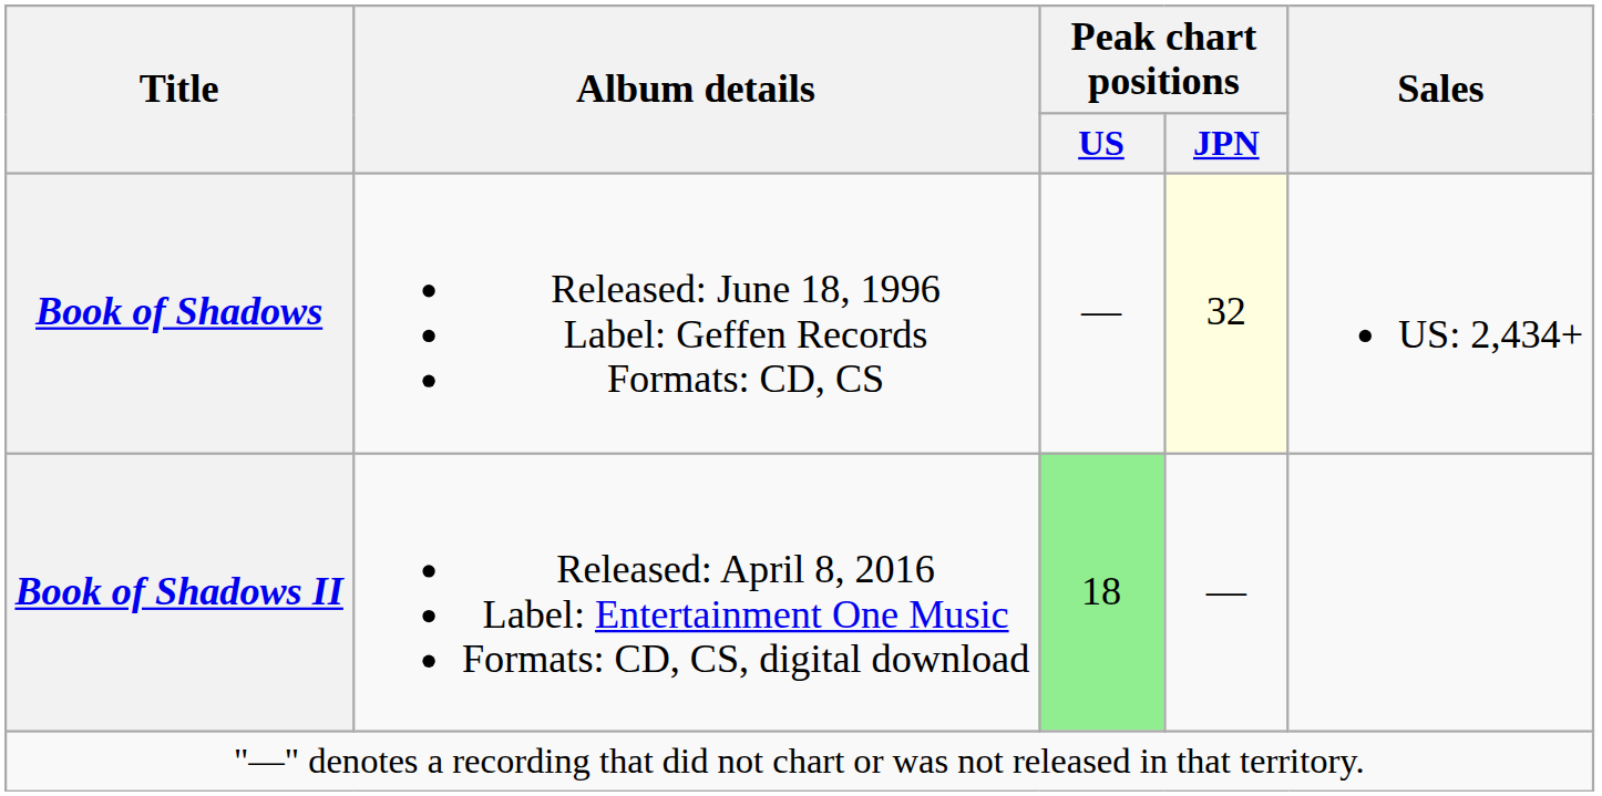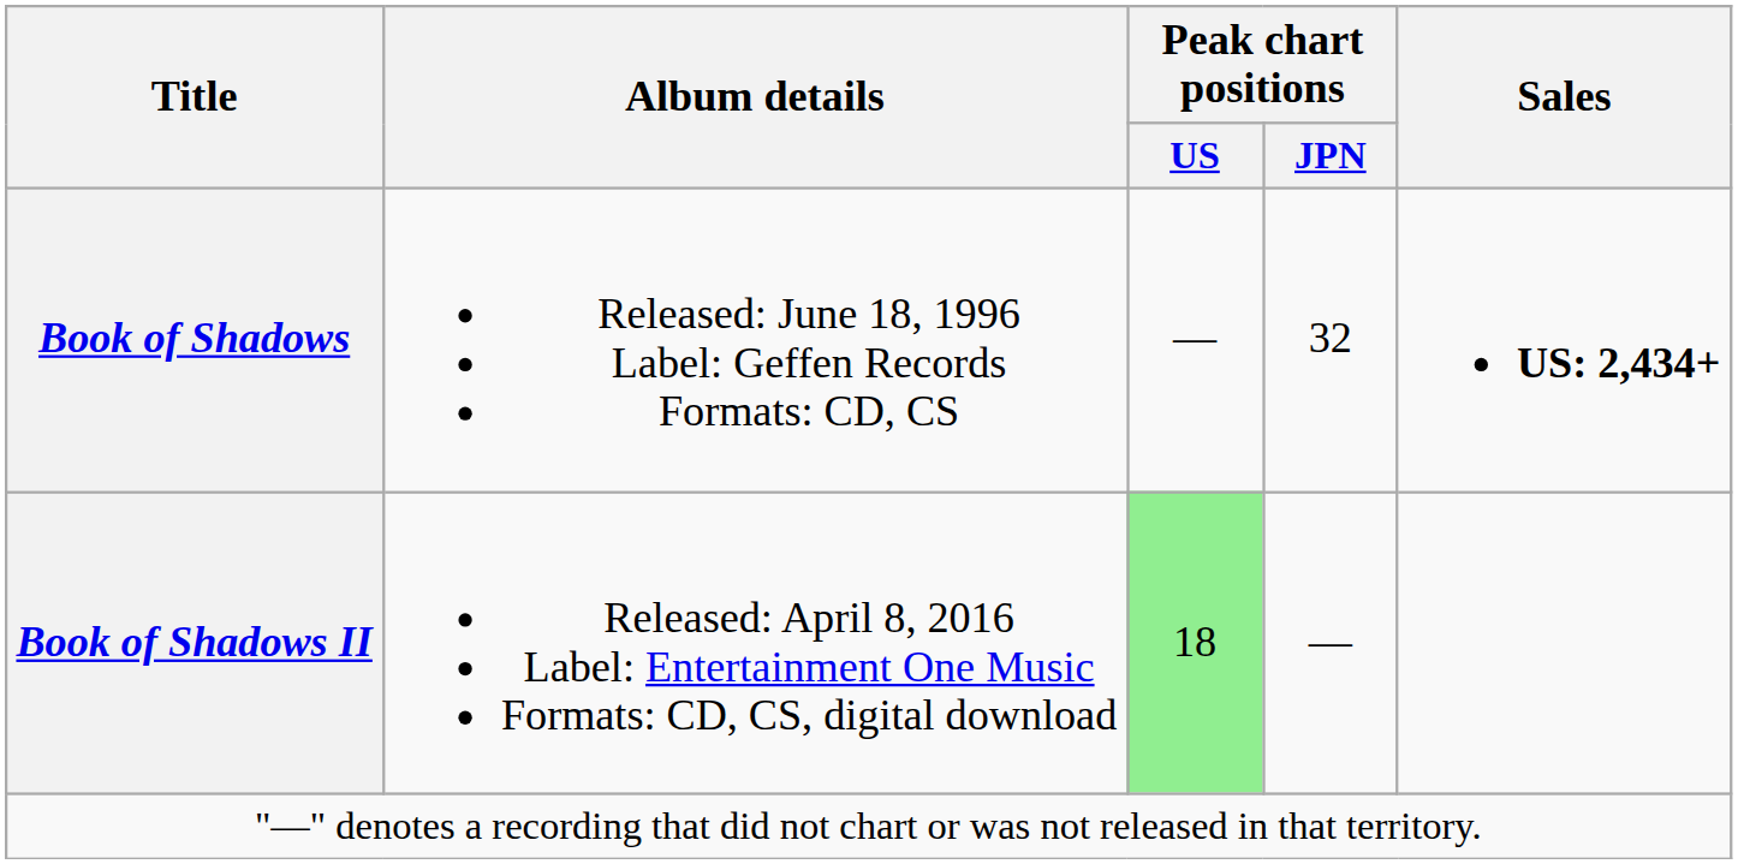 <table class="wikitable plainrowheaders" style="text-align:center;">
 <tr>
 <th scope="col" rowspan="2">Title</th>
 <th scope="col" rowspan="2">Album details</th>
 <th scope="col" colspan="2">Peak chart positions</th>
 <th scope="col" rowspan="2">Sales</th>
 </tr>
 <tr>
 <th scope="col" style="width:3em;font-size:90%;"><a href='#'>US</a><br></th>
 <th scope="col" style="width:3em;font-size:90%;"><a href='#'>JPN</a><br></th>
 </tr>
 <tr>
 <th scope="row"><em><a href='#'>Book of Shadows</a></em></th>
 <td><br><ul><li>Released: June 18, 1996</li><li>Label: Geffen Records</li><li>Formats: CD, CS</li></ul></td>
 <td>—</td>
-<td style="background: lightyellow;">32</td>
-<td><br><ul><li>US: 2,434+</li></ul></td>
+<td>32</td>
+<td><strong><br><ul><li>US: 2,434+</li></ul></strong></td>
 </tr>
 <tr>
 <th scope="row"><em><a href='#'>Book of Shadows II</a></em></th>
 <td><br><ul><li>Released: April 8, 2016</li><li>Label: <a href='#'>Entertainment One Music</a></li><li>Formats: CD, CS, digital download</li></ul></td>
 <td style="background: lightgreen;">18</td>
 <td>—</td>
 <td></td>
 </tr>
 <tr>
 <td colspan="10" style="font-size:90%">"—" denotes a recording that did not chart or was not released in that territory.</td>
 </tr>
 </table>
